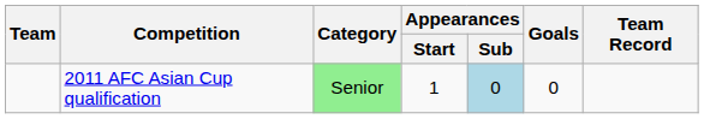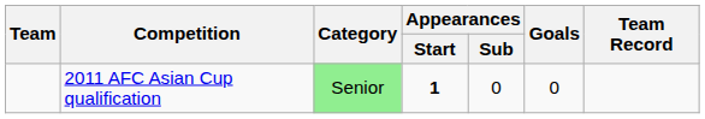 <table class="wikitable" style="text-align: center;">
 <tr>
 <th rowspan="2">Team</th>
 <th rowspan="2">Competition</th>
 <th rowspan="2">Category</th>
 <th colspan="2">Appearances</th>
 <th rowspan="2">Goals</th>
 <th rowspan="2">Team Record</th>
 </tr>
 <tr>
 <th>Start</th>
 <th>Sub</th>
 </tr>
 <tr>
 <td align="left"></td>
 <td align="left"><a href='#'>2011 AFC Asian Cup qualification</a></td>
 <td style="background: lightgreen;">Senior</td>
-<td>1</td>
-<td style="background: lightblue;">0</td>
+<td><strong>1</strong></td>
+<td>0</td>
 <td>0</td>
 <td></td>
 </tr>
 </table>
